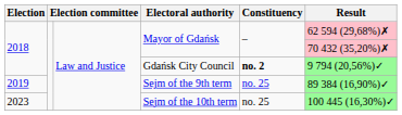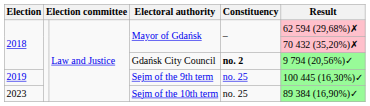 <table class="wikitable unsortable" align="center">
 <tr>
 <th>Election</th>
 <th colspan=2>Election committee</th>
 <th>Electoral authority</th>
 <th>Constituency</th>
 <th>Result</th>
 </tr>
 <tr>
 <td rowspan=3><a href='#'>2018</a></td>
 <td rowspan=5 style="background: "></td>
 <td rowspan="5"><a href='#'>Law and Justice</a></td>
 <td rowspan=2><a href='#'>Mayor of Gdańsk</a></td>
 <td rowspan=2>–</td>
 <td style=" background:pink;">62 594 (29,68%)✗</td>
 </tr>
 <tr>
 <td style=" background:pink;">70 432 (35,20%)✗</td>
 </tr>
 <tr>
 <td>Gdańsk City Council</td>
 <td><strong>no. 2</strong></td>
 <td style=" background:palegreen;">9 794 (20,56%)✓</td>
 </tr>
 <tr>
 <td><a href='#'>2019</a></td>
 <td><a href='#'>Sejm of the 9th term</a></td>
 <td><a href='#'>no. 25</a></td>
-<td style=" background:palegreen;">89 384 (16,90%)✓</td>
+<td style=" background:palegreen;">100 445 (16,30%)✓</td>
 </tr>
 <tr>
 <td>2023</td>
 <td><a href='#'>Sejm of the 10th term</a></td>
 <td>no. 25</td>
-<td style=" background:palegreen;">100 445 (16,30%)✓</td>
+<td style=" background:palegreen;">89 384 (16,90%)✓</td>
 </tr>
 </table>
